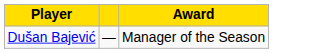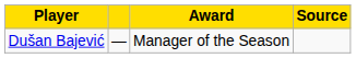 <table class="wikitable">
 <tr>
 <th style="background:#FFDE00">Player</th>
 <th style="background:#FFDE00"></th>
 <th style="background:#FFDE00">Award</th>
+<th style="background:#FFDE00">Source</th>
 </tr>
 <tr>
 <td> <a href='#'>Dušan Bajević</a></td>
 <td align="center">—</td>
 <td align="center">Manager of the Season</td>
+<td align="center"></td>
 </tr>
 </table>
